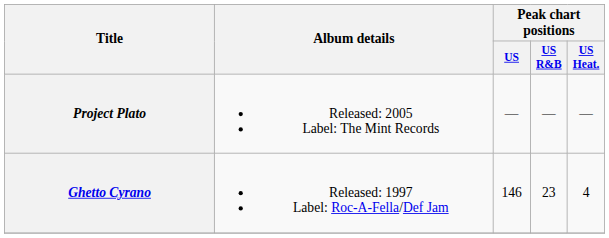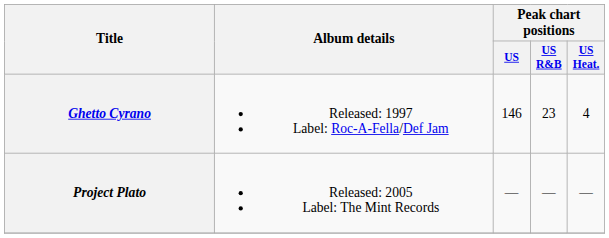 <table class="wikitable plainrowheaders" style="text-align:center;" border="1">
 <tr>
 <th rowspan="2" scope="col" style="width:15em;">Title</th>
 <th rowspan="2" scope="col" style="width:20em;">Album details</th>
 <th colspan="3">Peak chart positions</th>
 </tr>
 <tr>
 <th scope="col" style="width:2.75em;font-size:85%;"><a href='#'>US</a></th>
 <th scope="col" style="width:2.75em;font-size:85%;"><a href='#'>US R&B</a></th>
 <th scope="col" style="width:2.75em;font-size:85%;"><a href='#'>US Heat.</a></th>
 </tr>
 <tr>
+<th scope="row"><em><a href='#'>Ghetto Cyrano</a></em></th>
+<td><br><ul><li>Released: 1997</li><li>Label: <a href='#'>Roc-A-Fella</a>/<a href='#'>Def Jam</a></li></ul></td>
+<td>146</td>
+<td>23</td>
+<td>4</td>
+</tr>
+<tr>
 <th scope="row"><em>Project Plato</em></th>
 <td><br><ul><li>Released: 2005</li><li>Label: The Mint Records</li></ul></td>
 <td>—</td>
 <td>—</td>
 <td>—</td>
 </tr>
 <tr>
-<th scope="row"><em><a href='#'>Ghetto Cyrano</a></em></th>
-<td><br><ul><li>Released: 1997</li><li>Label: <a href='#'>Roc-A-Fella</a>/<a href='#'>Def Jam</a></li></ul></td>
-<td>146</td>
-<td>23</td>
-<td>4</td>
-</tr>
-<tr>
 </tr>
 </table>
